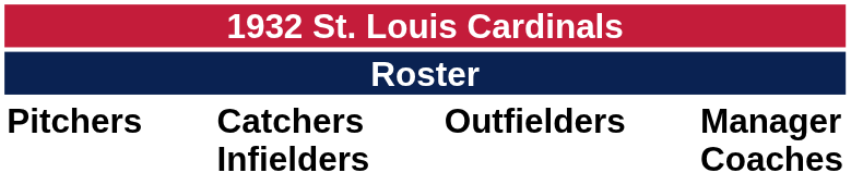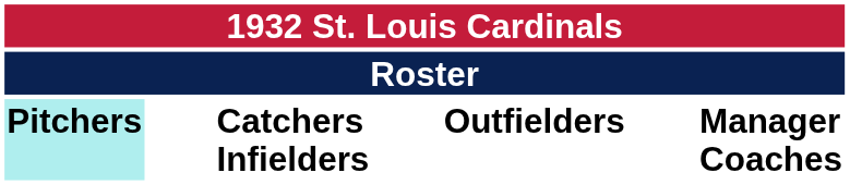 <table class="toccolours" style="font-size: 95%;">
 <tr>
 <th colspan="10" style="background-color: #c41c3a; color: white; text-align: center;">1932 St. Louis Cardinals</th>
 </tr>
 <tr>
 <td colspan="10" style="background-color: #0a2252; color: white; text-align: center;"><strong>Roster</strong></td>
 </tr>
 <tr>
-<td valign="top"><strong>Pitchers</strong><br>              </td>
+<td valign="top" style="background: paleturquoise;"><strong>Pitchers</strong><br>              </td>
 <td width="25px"></td>
 <td valign="top"><strong>Catchers</strong><br>    <strong>Infielders</strong>             </td>
 <td width="25px"></td>
 <td valign="top"><strong>Outfielders</strong><br>         </td>
 <td width="25px"></td>
 <td valign="top"><strong>Manager</strong><br> <strong>Coaches</strong>  </td>
 </tr>
 </table>
